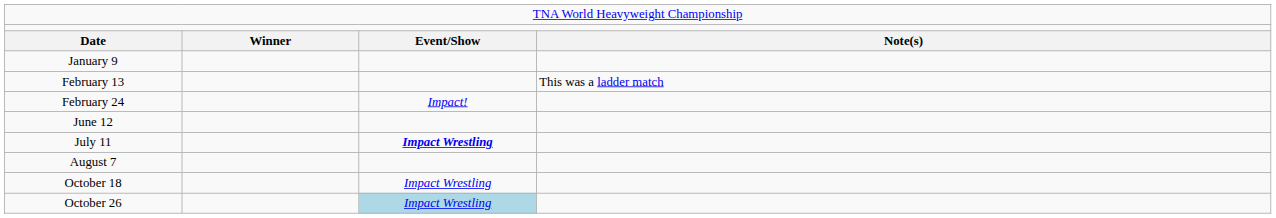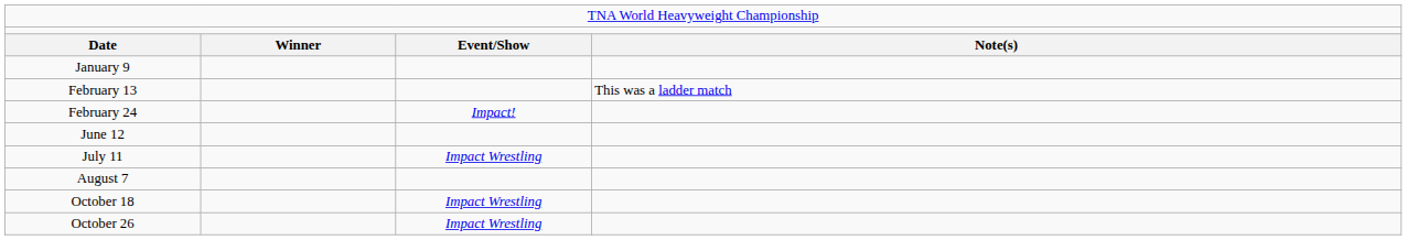 <table class="wikitable" style="text-align:center; width:100%;">
 <tr>
 <td colspan="5"><a href='#'>TNA World Heavyweight Championship</a></td>
 </tr>
 <tr>
 <td colspan="5"><strong></strong></td>
 </tr>
 <tr>
 <th width="14%">Date</th>
 <th width="14%">Winner</th>
 <th width="14%">Event/Show</th>
 <th width="58%">Note(s)</th>
 </tr>
 <tr>
 <td>January 9</td>
 <td></td>
 <td></td>
 <td align="left"></td>
 </tr>
 <tr>
 <td>February 13</td>
 <td></td>
 <td></td>
 <td align="left">This was a <a href='#'>ladder match</a></td>
 </tr>
 <tr>
 <td>February 24<br></td>
 <td></td>
 <td><em><a href='#'>Impact!</a></em></td>
 <td></td>
 </tr>
 <tr>
 <td>June 12</td>
 <td></td>
 <td></td>
 <td align="left"></td>
 </tr>
 <tr>
 <td>July 11<br></td>
 <td></td>
-<td><strong><em><a href='#'>Impact Wrestling</a></em></strong></td>
+<td><em><a href='#'>Impact Wrestling</a></em></td>
 <td></td>
 </tr>
 <tr>
 <td>August 7</td>
 <td></td>
 <td></td>
 <td align="left"></td>
 </tr>
 <tr>
 <td>October 18<br></td>
 <td></td>
 <td><em><a href='#'>Impact Wrestling</a></em></td>
 <td></td>
 </tr>
 <tr>
 <td>October 26<br></td>
 <td></td>
-<td style="background: lightblue;"><em><a href='#'>Impact Wrestling</a></em></td>
+<td><em><a href='#'>Impact Wrestling</a></em></td>
 <td></td>
 </tr>
 </table>
